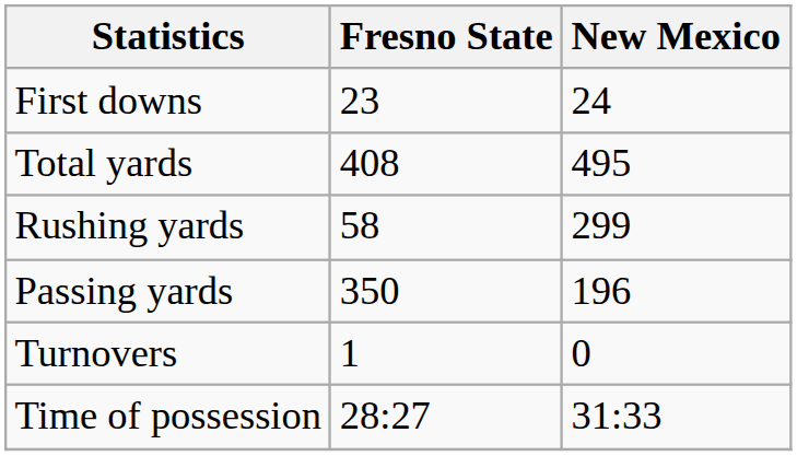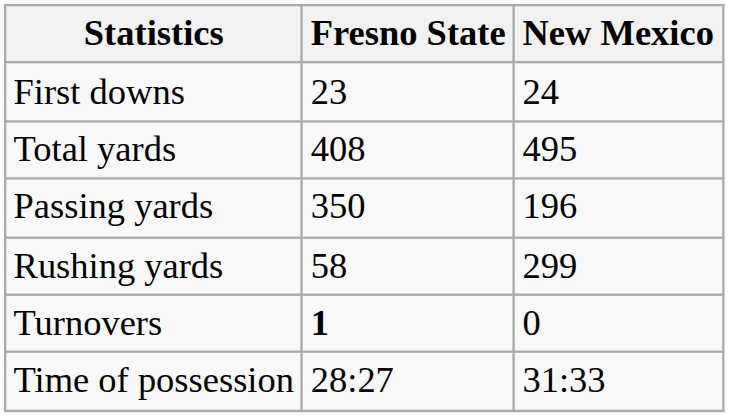 <table class="wikitable">
 <tr>
 <th>Statistics</th>
 <th>Fresno State</th>
 <th>New Mexico</th>
 </tr>
 <tr>
 <td>First downs</td>
 <td>23</td>
 <td>24</td>
 </tr>
 <tr>
 <td>Total yards</td>
 <td>408</td>
 <td>495</td>
 </tr>
 <tr>
+<td>Passing yards</td>
+<td>350</td>
+<td>196</td>
+</tr>
+<tr>
 <td>Rushing yards</td>
 <td>58</td>
 <td>299</td>
 </tr>
 <tr>
-<td>Passing yards</td>
-<td>350</td>
-<td>196</td>
-</tr>
-<tr>
 <td>Turnovers</td>
-<td>1</td>
+<td><strong>1</strong></td>
 <td>0</td>
 </tr>
 <tr>
 <td>Time of possession</td>
 <td>28:27</td>
 <td>31:33</td>
 </tr>
 <tr>
 </tr>
 </table>
